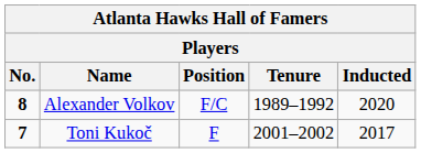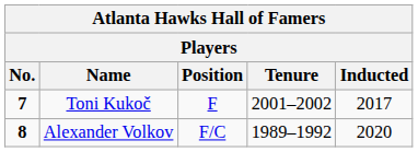 <table class="wikitable" style="text-align:center">
 <tr>
 <th colspan="5">Atlanta Hawks Hall of Famers</th>
 </tr>
 <tr>
 <th colspan="5">Players</th>
 </tr>
 <tr>
 <th>No.</th>
 <th>Name</th>
 <th>Position</th>
 <th>Tenure</th>
 <th>Inducted</th>
 </tr>
 <tr>
+<td><strong>7</strong></td>
+<td><a href='#'>Toni Kukoč</a></td>
+<td><a href='#'>F</a></td>
+<td>2001–2002</td>
+<td>2017</td>
+</tr>
+<tr>
 <td><strong>8</strong></td>
 <td><a href='#'>Alexander Volkov</a></td>
 <td><a href='#'>F/C</a></td>
 <td>1989–1992</td>
 <td>2020</td>
 </tr>
-<tr>
-<td><strong>7</strong></td>
-<td><a href='#'>Toni Kukoč</a></td>
-<td><a href='#'>F</a></td>
-<td>2001–2002</td>
-<td>2017</td>
-</tr>
 </table>
